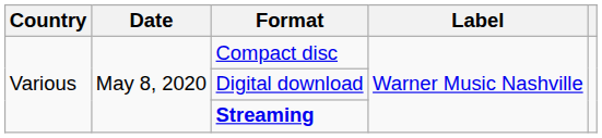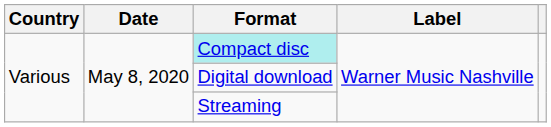 <table class="wikitable">
 <tr>
 <th>Country</th>
 <th>Date</th>
 <th>Format</th>
 <th>Label</th>
 <th></th>
 </tr>
 <tr>
 <td rowspan="3">Various</td>
 <td rowspan="3">May 8, 2020</td>
-<td><a href='#'>Compact disc</a></td>
+<td style="background: paleturquoise;"><a href='#'>Compact disc</a></td>
 <td rowspan="3"><a href='#'>Warner Music Nashville</a></td>
 <td rowspan="3"></td>
 </tr>
 <tr>
 <td><a href='#'>Digital download</a></td>
 </tr>
 <tr>
-<td><strong><a href='#'>Streaming</a></strong></td>
+<td><a href='#'>Streaming</a></td>
 </tr>
 </table>
